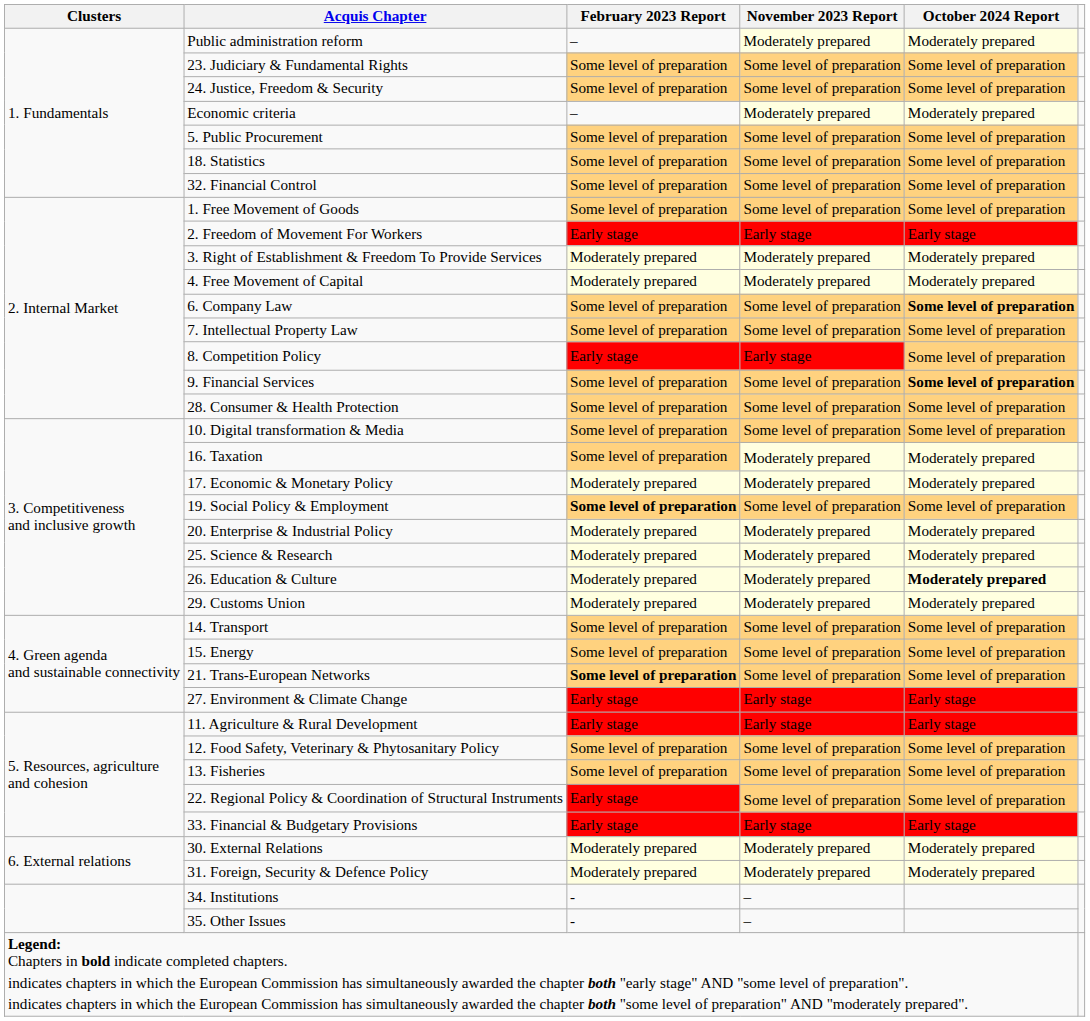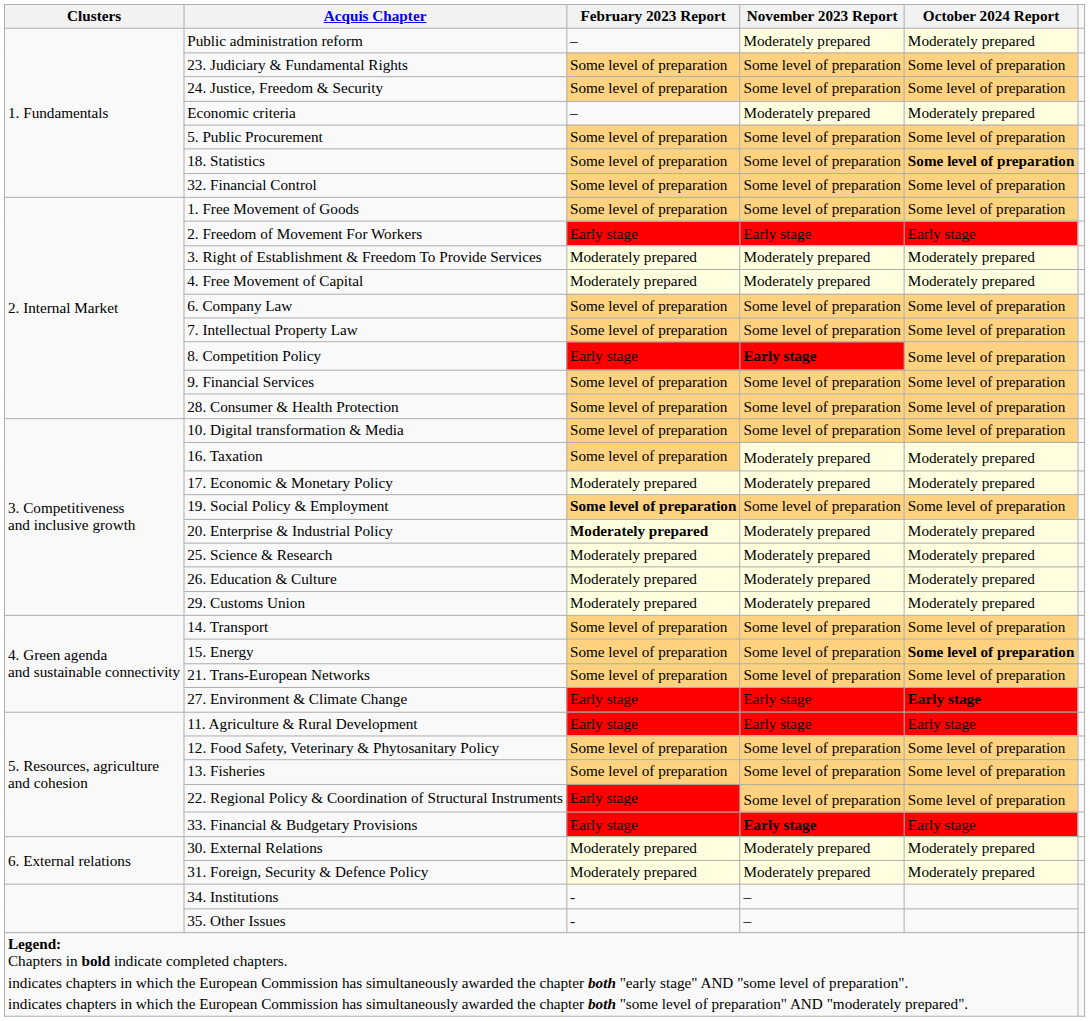 <table class="wikitable sortable mw-collapsible mw-collapsed" style="text-align:left; font-size: 1.0em;">
 <tr>
 <th>Clusters</th>
 <th><a href='#'>Acquis Chapter</a></th>
 <th>February 2023 Report</th>
 <th>November 2023 Report</th>
 <th>October 2024 Report</th>
 </tr>
 <tr>
 <td rowspan="7">1. Fundamentals</td>
 <td>Public administration reform</td>
 <td>–</td>
 <td style="background:#FFFFE0;">Moderately prepared</td>
 <td style="background:#FFFFE0;">Moderately prepared</td>
 <td></td>
 </tr>
 <tr>
 <td style="text-align:left;">23. Judiciary & Fundamental Rights</td>
 <td style="background:#FFD27F;">Some level of preparation</td>
 <td style="background:#FFD27F;">Some level of preparation</td>
 <td style="background:#FFD27F;">Some level of preparation</td>
 <td></td>
 </tr>
 <tr>
 <td style="text-align:left;">24. Justice, Freedom & Security</td>
 <td style="background:#FFD27F;">Some level of preparation</td>
 <td style="background:#FFD27F;">Some level of preparation</td>
 <td style="background:#FFD27F;">Some level of preparation</td>
 <td></td>
 </tr>
 <tr>
 <td>Economic criteria</td>
 <td>–</td>
 <td style="background:#FFFFE0;">Moderately prepared</td>
 <td style="background:#FFFFE0;">Moderately prepared</td>
 <td></td>
 </tr>
 <tr>
 <td style="text-align:left;">5. Public Procurement</td>
 <td style="background:#FFD27F;">Some level of preparation</td>
 <td style="background:#FFD27F;">Some level of preparation</td>
 <td style="background:#FFD27F;">Some level of preparation</td>
 <td></td>
 </tr>
 <tr>
 <td style="text-align:left;">18. Statistics</td>
 <td style="background:#FFD27F;">Some level of preparation</td>
 <td style="background:#FFD27F;">Some level of preparation</td>
-<td style="background:#FFD27F;">Some level of preparation</td>
+<td style="background:#FFD27F;"><strong>Some level of preparation</strong></td>
 <td></td>
 </tr>
 <tr>
 <td style="text-align:left;">32. Financial Control</td>
 <td style="background:#FFD27F;">Some level of preparation</td>
 <td style="background:#FFD27F;">Some level of preparation</td>
 <td style="background:#FFD27F;">Some level of preparation</td>
 <td></td>
 </tr>
 <tr>
 <td rowspan="9">2. Internal Market</td>
 <td style="text-align:left;">1. Free Movement of Goods</td>
 <td style="background:#FFD27F;">Some level of preparation</td>
 <td style="background:#FFD27F;">Some level of preparation</td>
 <td style="background:#FFD27F;">Some level of preparation</td>
 <td></td>
 </tr>
 <tr>
 <td style="text-align:left;">2. Freedom of Movement For Workers</td>
 <td style="background:#f00;">Early stage</td>
 <td style="background:#f00;">Early stage</td>
 <td style="background:#f00;">Early stage</td>
 <td></td>
 </tr>
 <tr>
 <td style="text-align:left;">3. Right of Establishment & Freedom To Provide Services</td>
 <td style="background:#FFFFE0;">Moderately prepared</td>
 <td style="background:#FFFFE0;">Moderately prepared</td>
 <td style="background:#FFFFE0;">Moderately prepared</td>
 <td></td>
 </tr>
 <tr>
 <td style="text-align:left;">4. Free Movement of Capital</td>
 <td style="background:#FFFFE0;">Moderately prepared</td>
 <td style="background:#FFFFE0;">Moderately prepared</td>
 <td style="background:#FFFFE0;">Moderately prepared</td>
 <td></td>
 </tr>
 <tr>
 <td style="text-align:left;">6. Company Law</td>
 <td style="background:#FFD27F;">Some level of preparation</td>
 <td style="background:#FFD27F;">Some level of preparation</td>
-<td style="background:#FFD27F;"><strong>Some level of preparation</strong></td>
+<td style="background:#FFD27F;">Some level of preparation</td>
 <td></td>
 </tr>
 <tr>
 <td style="text-align:left;">7. Intellectual Property Law</td>
 <td style="background:#FFD27F;">Some level of preparation</td>
 <td style="background:#FFD27F;">Some level of preparation</td>
 <td style="background:#FFD27F;">Some level of preparation</td>
 <td></td>
 </tr>
 <tr>
 <td style="text-align:left;">8. Competition Policy</td>
 <td style="background:#f00;">Early stage</td>
-<td style="background:#f00;">Early stage</td>
+<td style="background:#f00;"><strong>Early stage</strong></td>
 <td style="background:#FFD27F;">Some level of preparation<sup></sup></td>
 <td></td>
 </tr>
 <tr>
 <td style="text-align:left;">9. Financial Services</td>
 <td style="background:#FFD27F;">Some level of preparation</td>
 <td style="background:#FFD27F;">Some level of preparation</td>
-<td style="background:#FFD27F;"><strong>Some level of preparation</strong></td>
+<td style="background:#FFD27F;">Some level of preparation</td>
 <td></td>
 </tr>
 <tr>
 <td style="text-align:left;">28. Consumer & Health Protection</td>
 <td style="background:#FFD27F;">Some level of preparation</td>
 <td style="background:#FFD27F;">Some level of preparation</td>
 <td style="background:#FFD27F;">Some level of preparation</td>
 <td></td>
 </tr>
 <tr>
 <td rowspan="8">3. Competitiveness <br>and inclusive growth</td>
 <td style="text-align:left;">10. Digital transformation & Media</td>
 <td style="background:#FFD27F;">Some level of preparation</td>
 <td style="background:#FFD27F;">Some level of preparation</td>
 <td style="background:#FFD27F;">Some level of preparation</td>
 <td></td>
 </tr>
 <tr>
 <td style="text-align:left;">16. Taxation</td>
 <td style="background:#FFD27F;">Some level of preparation</td>
 <td style="background:#FFFFE0;">Moderately prepared<sup></sup></td>
 <td style="background:#FFFFE0;">Moderately prepared<sup></sup></td>
 <td></td>
 </tr>
 <tr>
 <td style="text-align:left;">17. Economic & Monetary Policy</td>
 <td style="background:#FFFFE0;">Moderately prepared</td>
 <td style="background:#FFFFE0;">Moderately prepared</td>
 <td style="background:#FFFFE0;">Moderately prepared</td>
 <td></td>
 </tr>
 <tr>
 <td style="text-align:left;">19. Social Policy & Employment</td>
 <td style="background:#FFD27F;"><strong>Some level of preparation</strong></td>
 <td style="background:#FFD27F;">Some level of preparation</td>
 <td style="background:#FFD27F;">Some level of preparation</td>
 <td></td>
 </tr>
 <tr>
 <td style="text-align:left;">20. Enterprise & Industrial Policy</td>
-<td style="background:#FFFFE0;">Moderately prepared</td>
+<td style="background:#FFFFE0;"><strong>Moderately prepared</strong></td>
 <td style="background:#FFFFE0;">Moderately prepared</td>
 <td style="background:#FFFFE0;">Moderately prepared</td>
 <td></td>
 </tr>
 <tr>
 <td style="text-align:left;">25. Science & Research</td>
 <td style="background:#FFFFE0;">Moderately prepared</td>
 <td style="background:#FFFFE0;">Moderately prepared</td>
 <td style="background:#FFFFE0;">Moderately prepared</td>
 <td></td>
 </tr>
 <tr>
 <td style="text-align:left;">26. Education & Culture</td>
 <td style="background:#FFFFE0;">Moderately prepared</td>
 <td style="background:#FFFFE0;">Moderately prepared</td>
-<td style="background:#FFFFE0;"><strong>Moderately prepared</strong></td>
+<td style="background:#FFFFE0;">Moderately prepared</td>
 <td></td>
 </tr>
 <tr>
 <td style="text-align:left;">29. Customs Union</td>
 <td style="background:#FFFFE0;">Moderately prepared</td>
 <td style="background:#FFFFE0;">Moderately prepared</td>
 <td style="background:#FFFFE0;">Moderately prepared</td>
 <td></td>
 </tr>
 <tr>
 <td rowspan="4">4. Green agenda<br>and sustainable connectivity</td>
 <td style="text-align:left;">14. Transport</td>
 <td style="background:#FFD27F;">Some level of preparation</td>
 <td style="background:#FFD27F;">Some level of preparation</td>
 <td style="background:#FFD27F;">Some level of preparation</td>
 <td></td>
 </tr>
 <tr>
 <td style="text-align:left;">15. Energy</td>
 <td style="background:#FFD27F;">Some level of preparation</td>
 <td style="background:#FFD27F;">Some level of preparation</td>
-<td style="background:#FFD27F;">Some level of preparation</td>
+<td style="background:#FFD27F;"><strong>Some level of preparation</strong></td>
 <td></td>
 </tr>
 <tr>
 <td style="text-align:left;">21. Trans-European Networks</td>
-<td style="background:#FFD27F;"><strong>Some level of preparation</strong></td>
+<td style="background:#FFD27F;">Some level of preparation</td>
 <td style="background:#FFD27F;">Some level of preparation</td>
 <td style="background:#FFD27F;">Some level of preparation</td>
 <td></td>
 </tr>
 <tr>
 <td style="text-align:left;">27. Environment & Climate Change</td>
 <td style="background:#f00;">Early stage</td>
 <td style="background:#f00;">Early stage</td>
-<td style="background:#f00;">Early stage</td>
+<td style="background:#f00;"><strong>Early stage</strong></td>
 <td></td>
 </tr>
 <tr>
 <td rowspan="5">5. Resources, agriculture <br>and cohesion</td>
 <td style="text-align:left;">11. Agriculture & Rural Development</td>
 <td style="background:#f00;">Early stage</td>
 <td style="background:#f00;">Early stage</td>
 <td style="background:#f00;">Early stage</td>
 <td></td>
 </tr>
 <tr>
 <td style="text-align:left;">12. Food Safety, Veterinary & Phytosanitary Policy</td>
 <td style="background:#FFD27F;">Some level of preparation</td>
 <td style="background:#FFD27F;">Some level of preparation</td>
 <td style="background:#FFD27F;">Some level of preparation</td>
 <td></td>
 </tr>
 <tr>
 <td style="text-align:left;">13. Fisheries</td>
 <td style="background:#FFD27F;">Some level of preparation</td>
 <td style="background:#FFD27F;">Some level of preparation</td>
 <td style="background:#FFD27F;">Some level of preparation</td>
 <td></td>
 </tr>
 <tr>
 <td style="text-align:left;">22. Regional Policy & Coordination of Structural Instruments</td>
 <td style="background:#f00;">Early stage</td>
 <td style="background:#FFD27F;">Some level of preparation<sup></sup></td>
 <td style="background:#FFD27F;">Some level of preparation<sup></sup></td>
 <td></td>
 </tr>
 <tr>
 <td style="text-align:left;">33. Financial & Budgetary Provisions</td>
 <td style="background:#f00;">Early stage</td>
-<td style="background:#f00;">Early stage</td>
+<td style="background:#f00;"><strong>Early stage</strong></td>
 <td style="background:#f00;">Early stage</td>
 <td></td>
 </tr>
 <tr>
 <td rowspan="2">6. External relations</td>
 <td style="text-align:left;">30. External Relations</td>
 <td style="background:#FFFFE0;">Moderately prepared</td>
 <td style="background:#FFFFE0;">Moderately prepared</td>
 <td style="background:#FFFFE0;">Moderately prepared</td>
 <td></td>
 </tr>
 <tr>
 <td style="text-align:left;">31. Foreign, Security & Defence Policy</td>
 <td style="background:#FFFFE0;">Moderately prepared</td>
 <td style="background:#FFFFE0;">Moderately prepared</td>
 <td style="background:#FFFFE0;">Moderately prepared</td>
 <td></td>
 </tr>
 <tr>
 <td rowspan="2"></td>
 <td style="text-align:left;">34. Institutions</td>
 <td>-</td>
 <td>–</td>
 <td></td>
 </tr>
 <tr>
 <td style="text-align:left;">35. Other Issues</td>
 <td>-</td>
 <td>–</td>
 <td></td>
 </tr>
 <tr>
 <td colspan="5"><strong>Legend:</strong><br>Chapters in <strong>bold</strong> indicate completed chapters.<br><sup></sup> indicates chapters in which the European Commission has simultaneously awarded the chapter <strong><em>both</em></strong> "early stage" AND "some level of preparation".<br><sup></sup> indicates chapters in which the European Commission has simultaneously awarded the chapter <strong><em>both</em></strong> "some level of preparation" AND "moderately prepared".<br>        </td>
 <td></td>
 </tr>
 </table>
